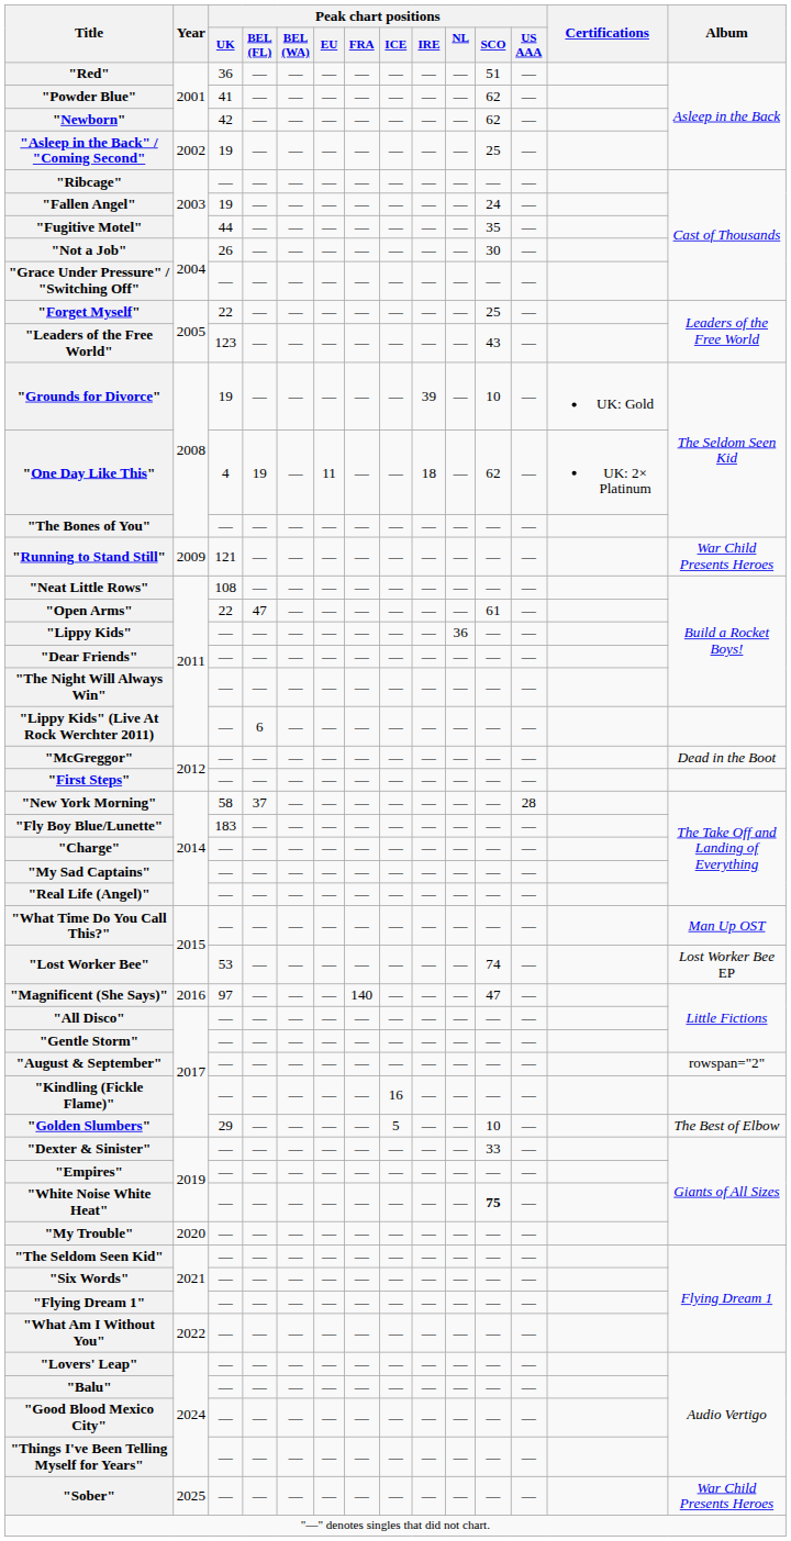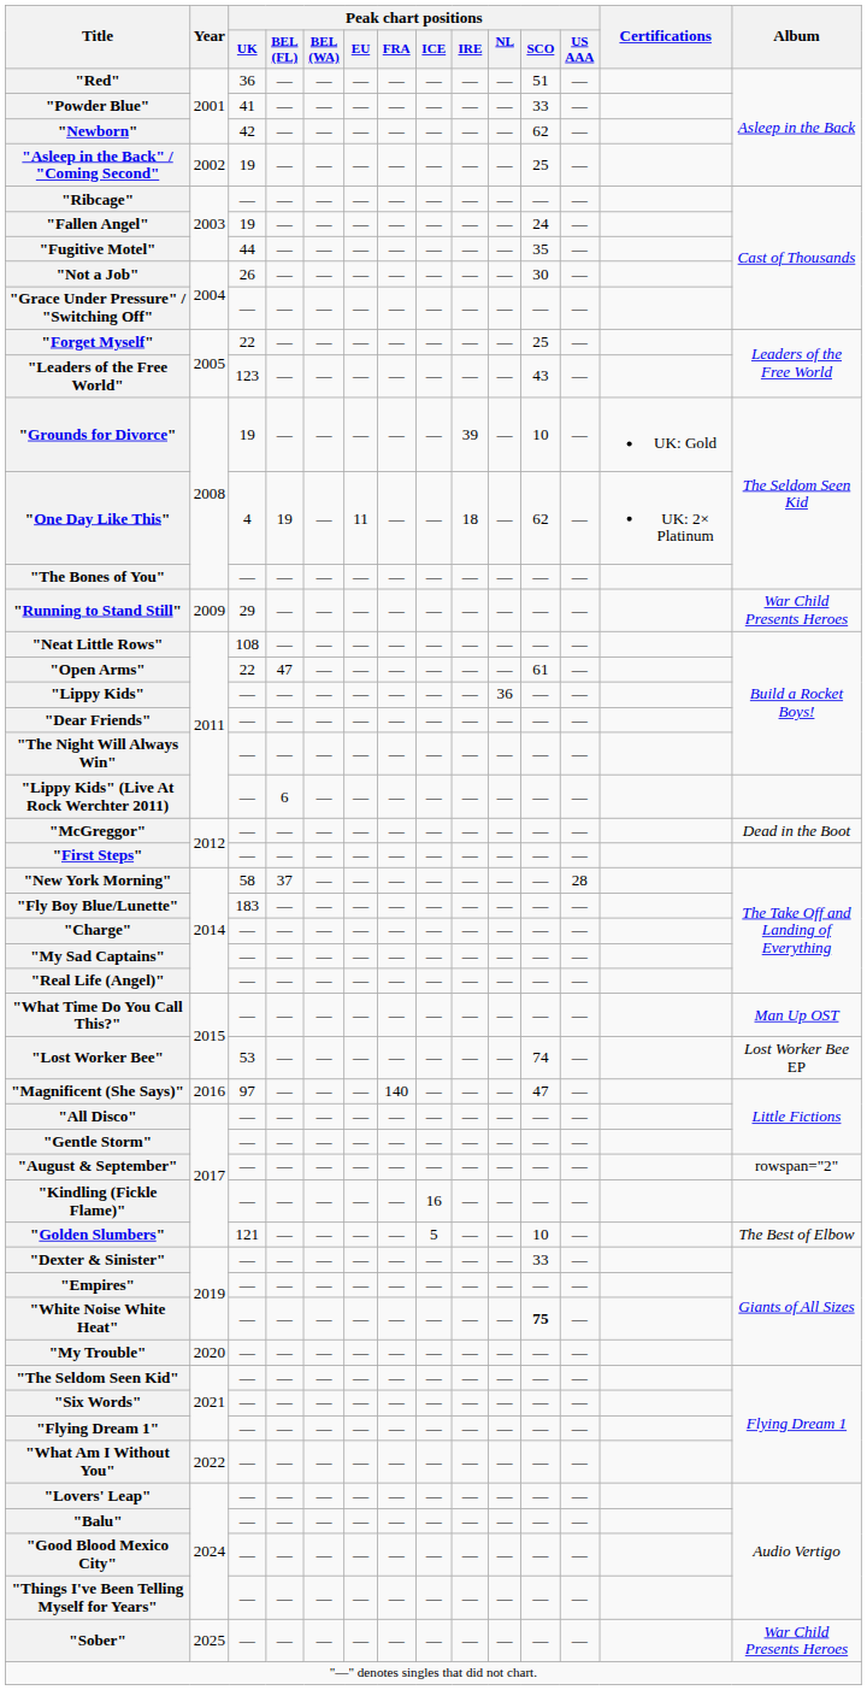 <table class="wikitable plainrowheaders" style="text-align:center;">
 <tr>
 <th scope="col" rowspan="2" style="width:20em;">Title</th>
 <th scope="col" rowspan="2">Year</th>
 <th scope="col" colspan="10">Peak chart positions</th>
 <th scope="col" rowspan="2" style="width:11em;"><a href='#'>Certifications</a></th>
 <th scope="col" rowspan="2" style="width:12em;">Album</th>
 </tr>
 <tr>
 <th scope="col" style="width:3em;font-size:85%;"><a href='#'>UK</a><br></th>
 <th scope="col" style="width:3em;font-size:85%;"><a href='#'>BEL<br>(FL)</a><br></th>
 <th scope="col" style="width:3em;font-size:85%;"><a href='#'>BEL<br>(WA)</a><br></th>
 <th scope="col" style="width:3em;font-size:85%;"><a href='#'>EU</a><br></th>
 <th scope="col" style="width:3em;font-size:85%;"><a href='#'>FRA</a><br></th>
 <th scope="col" style="width:3em;font-size:85%;"><a href='#'>ICE</a><br></th>
 <th scope="col" style="width:3em;font-size:85%;"><a href='#'>IRE</a><br></th>
 <th scope="col" style="width:3em;font-size:85%;"><a href='#'>NL</a><br><br></th>
 <th scope="col" style="width:3em;font-size:85%;"><a href='#'>SCO</a><br></th>
 <th scope="col" style="width:3em;font-size:85%;"><a href='#'>US<br>AAA</a><br></th>
 </tr>
 <tr>
 <th scope="row">"Red"</th>
 <td rowspan="3">2001</td>
 <td>36</td>
 <td>—</td>
 <td>—</td>
 <td>—</td>
 <td>—</td>
 <td>—</td>
 <td>—</td>
 <td>—</td>
 <td>51</td>
 <td>—</td>
 <td></td>
 <td rowspan="4"><em><a href='#'>Asleep in the Back</a></em></td>
 </tr>
 <tr>
 <th scope="row">"Powder Blue"</th>
 <td>41</td>
 <td>—</td>
 <td>—</td>
 <td>—</td>
 <td>—</td>
 <td>—</td>
 <td>—</td>
 <td>—</td>
-<td>62</td>
+<td>33</td>
 <td>—</td>
 <td></td>
 </tr>
 <tr>
 <th scope="row">"<a href='#'>Newborn</a>"</th>
 <td>42</td>
 <td>—</td>
 <td>—</td>
 <td>—</td>
 <td>—</td>
 <td>—</td>
 <td>—</td>
 <td>—</td>
 <td>62</td>
 <td>—</td>
 <td></td>
 </tr>
 <tr>
 <th scope="row"><a href='#'>"Asleep in the Back" / "Coming Second"</a></th>
 <td>2002</td>
 <td>19</td>
 <td>—</td>
 <td>—</td>
 <td>—</td>
 <td>—</td>
 <td>—</td>
 <td>—</td>
 <td>—</td>
 <td>25</td>
 <td>—</td>
 <td></td>
 </tr>
 <tr>
 <th scope="row">"Ribcage"</th>
 <td rowspan="3">2003</td>
 <td>—</td>
 <td>—</td>
 <td>—</td>
 <td>—</td>
 <td>—</td>
 <td>—</td>
 <td>—</td>
 <td>—</td>
 <td>—</td>
 <td>—</td>
 <td></td>
 <td rowspan="5"><em><a href='#'>Cast of Thousands</a></em></td>
 </tr>
 <tr>
 <th scope="row">"Fallen Angel"</th>
 <td>19</td>
 <td>—</td>
 <td>—</td>
 <td>—</td>
 <td>—</td>
 <td>—</td>
 <td>—</td>
 <td>—</td>
 <td>24</td>
 <td>—</td>
 <td></td>
 </tr>
 <tr>
 <th scope="row">"Fugitive Motel"</th>
 <td>44</td>
 <td>—</td>
 <td>—</td>
 <td>—</td>
 <td>—</td>
 <td>—</td>
 <td>—</td>
 <td>—</td>
 <td>35</td>
 <td>—</td>
 <td></td>
 </tr>
 <tr>
 <th scope="row">"Not a Job"</th>
 <td rowspan="2">2004</td>
 <td>26</td>
 <td>—</td>
 <td>—</td>
 <td>—</td>
 <td>—</td>
 <td>—</td>
 <td>—</td>
 <td>—</td>
 <td>30</td>
 <td>—</td>
 <td></td>
 </tr>
 <tr>
 <th scope="row">"Grace Under Pressure" / "Switching Off"</th>
 <td>—</td>
 <td>—</td>
 <td>—</td>
 <td>—</td>
 <td>—</td>
 <td>—</td>
 <td>—</td>
 <td>—</td>
 <td>—</td>
 <td>—</td>
 <td></td>
 </tr>
 <tr>
 <th scope="row">"<a href='#'>Forget Myself</a>"</th>
 <td rowspan="2">2005</td>
 <td>22</td>
 <td>—</td>
 <td>—</td>
 <td>—</td>
 <td>—</td>
 <td>—</td>
 <td>—</td>
 <td>—</td>
 <td>25</td>
 <td>—</td>
 <td></td>
 <td rowspan="2"><em><a href='#'>Leaders of the Free World</a></em></td>
 </tr>
 <tr>
 <th scope="row">"Leaders of the Free World"</th>
 <td>123</td>
 <td>—</td>
 <td>—</td>
 <td>—</td>
 <td>—</td>
 <td>—</td>
 <td>—</td>
 <td>—</td>
 <td>43</td>
 <td>—</td>
 <td></td>
 </tr>
 <tr>
 <th scope="row">"<a href='#'>Grounds for Divorce</a>"</th>
 <td rowspan="3">2008</td>
 <td>19</td>
 <td>—</td>
 <td>—</td>
 <td>—</td>
 <td>—</td>
 <td>—</td>
 <td>39</td>
 <td>—</td>
 <td>10</td>
 <td>—</td>
 <td><br><ul><li>UK: Gold</li></ul></td>
 <td rowspan="3"><em><a href='#'>The Seldom Seen Kid</a></em></td>
 </tr>
 <tr>
 <th scope="row">"<a href='#'>One Day Like This</a>"</th>
 <td>4</td>
 <td>19</td>
 <td>—</td>
 <td>11</td>
 <td>—</td>
 <td>—</td>
 <td>18</td>
 <td>—</td>
 <td>62</td>
 <td>—</td>
 <td><br><ul><li>UK: 2× Platinum</li></ul></td>
 </tr>
 <tr>
 <th scope="row">"The Bones of You"</th>
 <td>—</td>
 <td>—</td>
 <td>—</td>
 <td>—</td>
 <td>—</td>
 <td>—</td>
 <td>—</td>
 <td>—</td>
 <td>—</td>
 <td>—</td>
 <td></td>
 </tr>
 <tr>
 <th scope="row">"<a href='#'>Running to Stand Still</a>"</th>
 <td>2009</td>
-<td>121</td>
+<td>29</td>
 <td>—</td>
 <td>—</td>
 <td>—</td>
 <td>—</td>
 <td>—</td>
 <td>—</td>
 <td>—</td>
 <td>—</td>
 <td>—</td>
 <td></td>
 <td><em><a href='#'>War Child Presents Heroes</a></em></td>
 </tr>
 <tr>
 <th scope="row">"Neat Little Rows"</th>
 <td rowspan="6">2011</td>
 <td>108</td>
 <td>—</td>
 <td>—</td>
 <td>—</td>
 <td>—</td>
 <td>—</td>
 <td>—</td>
 <td>—</td>
 <td>—</td>
 <td>—</td>
 <td></td>
 <td rowspan="5"><em><a href='#'>Build a Rocket Boys!</a></em></td>
 </tr>
 <tr>
 <th scope="row">"Open Arms"</th>
 <td>22</td>
 <td>47</td>
 <td>—</td>
 <td>—</td>
 <td>—</td>
 <td>—</td>
 <td>—</td>
 <td>—</td>
 <td>61</td>
 <td>—</td>
 <td></td>
 </tr>
 <tr>
 <th scope="row">"Lippy Kids"</th>
 <td>—</td>
 <td>—</td>
 <td>—</td>
 <td>—</td>
 <td>—</td>
 <td>—</td>
 <td>—</td>
 <td>36</td>
 <td>—</td>
 <td>—</td>
 <td></td>
 </tr>
 <tr>
 <th scope="row">"Dear Friends"</th>
 <td>—</td>
 <td>—</td>
 <td>—</td>
 <td>—</td>
 <td>—</td>
 <td>—</td>
 <td>—</td>
 <td>—</td>
 <td>—</td>
 <td>—</td>
 <td></td>
 </tr>
 <tr>
 <th scope="row">"The Night Will Always Win"</th>
 <td>—</td>
 <td>—</td>
 <td>—</td>
 <td>—</td>
 <td>—</td>
 <td>—</td>
 <td>—</td>
 <td>—</td>
 <td>—</td>
 <td>—</td>
 <td></td>
 </tr>
 <tr>
 <th scope="row">"Lippy Kids" (Live At Rock Werchter 2011)</th>
 <td>—</td>
 <td>6</td>
 <td>—</td>
 <td>—</td>
 <td>—</td>
 <td>—</td>
 <td>—</td>
 <td>—</td>
 <td>—</td>
 <td>—</td>
 <td></td>
 <td></td>
 </tr>
 <tr>
 <th scope="row">"McGreggor"</th>
 <td rowspan="2">2012</td>
 <td>—</td>
 <td>—</td>
 <td>—</td>
 <td>—</td>
 <td>—</td>
 <td>—</td>
 <td>—</td>
 <td>—</td>
 <td>—</td>
 <td>—</td>
 <td></td>
 <td><em>Dead in the Boot</em></td>
 </tr>
 <tr>
 <th scope="row">"<a href='#'>First Steps</a>"</th>
 <td>—</td>
 <td>—</td>
 <td>—</td>
 <td>—</td>
 <td>—</td>
 <td>—</td>
 <td>—</td>
 <td>—</td>
 <td>—</td>
 <td>—</td>
 <td></td>
 <td></td>
 </tr>
 <tr>
 <th scope="row">"New York Morning"</th>
 <td rowspan="5">2014</td>
 <td>58</td>
 <td>37</td>
 <td>—</td>
 <td>—</td>
 <td>—</td>
 <td>—</td>
 <td>—</td>
 <td>—</td>
 <td>—</td>
 <td>28</td>
 <td></td>
 <td rowspan="5"><em><a href='#'>The Take Off and Landing of Everything</a></em></td>
 </tr>
 <tr>
 <th scope="row">"Fly Boy Blue/Lunette"</th>
 <td>183</td>
 <td>—</td>
 <td>—</td>
 <td>—</td>
 <td>—</td>
 <td>—</td>
 <td>—</td>
 <td>—</td>
 <td>—</td>
 <td>—</td>
 <td></td>
 </tr>
 <tr>
 <th scope="row">"Charge"</th>
 <td>—</td>
 <td>—</td>
 <td>—</td>
 <td>—</td>
 <td>—</td>
 <td>—</td>
 <td>—</td>
 <td>—</td>
 <td>—</td>
 <td>—</td>
 <td></td>
 </tr>
 <tr>
 <th scope="row">"My Sad Captains"</th>
 <td>—</td>
 <td>—</td>
 <td>—</td>
 <td>—</td>
 <td>—</td>
 <td>—</td>
 <td>—</td>
 <td>—</td>
 <td>—</td>
 <td>—</td>
 <td></td>
 </tr>
 <tr>
 <th scope="row">"Real Life (Angel)"</th>
 <td>—</td>
 <td>—</td>
 <td>—</td>
 <td>—</td>
 <td>—</td>
 <td>—</td>
 <td>—</td>
 <td>—</td>
 <td>—</td>
 <td>—</td>
 <td></td>
 </tr>
 <tr>
 <th scope="row">"What Time Do You Call This?"</th>
 <td rowspan="2">2015</td>
 <td>—</td>
 <td>—</td>
 <td>—</td>
 <td>—</td>
 <td>—</td>
 <td>—</td>
 <td>—</td>
 <td>—</td>
 <td>—</td>
 <td>—</td>
 <td></td>
 <td><em><a href='#'>Man Up OST</a></em></td>
 </tr>
 <tr>
 <th scope="row">"Lost Worker Bee"</th>
 <td>53</td>
 <td>—</td>
 <td>—</td>
 <td>—</td>
 <td>—</td>
 <td>—</td>
 <td>—</td>
 <td>—</td>
 <td>74</td>
 <td>—</td>
 <td></td>
 <td><em>Lost Worker Bee</em> EP</td>
 </tr>
 <tr>
 <th scope="row">"Magnificent (She Says)"</th>
 <td>2016</td>
 <td>97</td>
 <td>—</td>
 <td>—</td>
 <td>—</td>
 <td>140</td>
 <td>—</td>
 <td>—</td>
 <td>—</td>
 <td>47</td>
 <td>—</td>
 <td></td>
 <td rowspan="3"><em><a href='#'>Little Fictions</a></em></td>
 </tr>
 <tr>
 <th scope="row">"All Disco"</th>
 <td rowspan="5">2017</td>
 <td>—</td>
 <td>—</td>
 <td>—</td>
 <td>—</td>
 <td>—</td>
 <td>—</td>
 <td>—</td>
 <td>—</td>
 <td>—</td>
 <td>—</td>
 <td></td>
 </tr>
 <tr>
 <th scope="row">"Gentle Storm"</th>
 <td>—</td>
 <td>—</td>
 <td>—</td>
 <td>—</td>
 <td>—</td>
 <td>—</td>
 <td>—</td>
 <td>—</td>
 <td>—</td>
 <td>—</td>
 <td></td>
 </tr>
 <tr>
 <th scope="row">"August & September"</th>
 <td>—</td>
 <td>—</td>
 <td>—</td>
 <td>—</td>
 <td>—</td>
 <td>—</td>
 <td>—</td>
 <td>—</td>
 <td>—</td>
 <td>—</td>
 <td></td>
 <td>rowspan="2" </td>
 </tr>
 <tr>
 <th scope="row">"Kindling (Fickle Flame)"</th>
 <td>—</td>
 <td>—</td>
 <td>—</td>
 <td>—</td>
 <td>—</td>
 <td>16</td>
 <td>—</td>
 <td>—</td>
 <td>—</td>
 <td>—</td>
 <td></td>
 </tr>
 <tr>
 <th scope="row">"<a href='#'>Golden Slumbers</a>"</th>
-<td>29</td>
+<td>121</td>
 <td>—</td>
 <td>—</td>
 <td>—</td>
 <td>—</td>
 <td>5</td>
 <td>—</td>
 <td>—</td>
 <td>10</td>
 <td>—</td>
 <td></td>
 <td><em>The Best of Elbow</em></td>
 </tr>
 <tr>
 <th scope="row">"Dexter & Sinister"</th>
 <td rowspan="3">2019</td>
 <td>—</td>
 <td>—</td>
 <td>—</td>
 <td>—</td>
 <td>—</td>
 <td>—</td>
 <td>—</td>
 <td>—</td>
 <td>33</td>
 <td>—</td>
 <td></td>
 <td rowspan="4"><em><a href='#'>Giants of All Sizes</a></em></td>
 </tr>
 <tr>
 <th scope="row">"Empires"</th>
 <td>—</td>
 <td>—</td>
 <td>—</td>
 <td>—</td>
 <td>—</td>
 <td>—</td>
 <td>—</td>
 <td>—</td>
 <td>—</td>
 <td>—</td>
 <td></td>
 </tr>
 <tr>
 <th scope="row">"White Noise White Heat"</th>
 <td>—</td>
 <td>—</td>
 <td>—</td>
 <td>—</td>
 <td>—</td>
 <td>—</td>
 <td>—</td>
 <td>—</td>
 <td><strong>75</strong></td>
 <td>—</td>
 <td></td>
 </tr>
 <tr>
 <th scope="row">"My Trouble"</th>
 <td>2020</td>
 <td>—</td>
 <td>—</td>
 <td>—</td>
 <td>—</td>
 <td>—</td>
 <td>—</td>
 <td>—</td>
 <td>—</td>
 <td>—</td>
 <td>—</td>
 <td></td>
 </tr>
 <tr>
 <th scope="row">"The Seldom Seen Kid"</th>
 <td rowspan="3">2021</td>
 <td>—</td>
 <td>—</td>
 <td>—</td>
 <td>—</td>
 <td>—</td>
 <td>—</td>
 <td>—</td>
 <td>—</td>
 <td>—</td>
 <td>—</td>
 <td></td>
 <td rowspan="4"><em><a href='#'>Flying Dream 1</a></em></td>
 </tr>
 <tr>
 <th scope="row">"Six Words"</th>
 <td>—</td>
 <td>—</td>
 <td>—</td>
 <td>—</td>
 <td>—</td>
 <td>—</td>
 <td>—</td>
 <td>—</td>
 <td>—</td>
 <td>—</td>
 <td></td>
 </tr>
 <tr>
 <th scope="row">"Flying Dream 1"</th>
 <td>—</td>
 <td>—</td>
 <td>—</td>
 <td>—</td>
 <td>—</td>
 <td>—</td>
 <td>—</td>
 <td>—</td>
 <td>—</td>
 <td>—</td>
 </tr>
 <tr>
 <th scope="row">"What Am I Without You"</th>
 <td>2022</td>
 <td>—</td>
 <td>—</td>
 <td>—</td>
 <td>—</td>
 <td>—</td>
 <td>—</td>
 <td>—</td>
 <td>—</td>
 <td>—</td>
 <td>—</td>
 <td></td>
 </tr>
 <tr>
 <th scope="row">"Lovers' Leap"</th>
 <td rowspan="4">2024</td>
 <td>—</td>
 <td>—</td>
 <td>—</td>
 <td>—</td>
 <td>—</td>
 <td>—</td>
 <td>—</td>
 <td>—</td>
 <td>—</td>
 <td>—</td>
 <td></td>
 <td rowspan="4"><em>Audio Vertigo</em></td>
 </tr>
 <tr>
 <th scope="row">"Balu"</th>
 <td>—</td>
 <td>—</td>
 <td>—</td>
 <td>—</td>
 <td>—</td>
 <td>—</td>
 <td>—</td>
 <td>—</td>
 <td>—</td>
 <td>—</td>
 <td></td>
 </tr>
 <tr>
 <th scope="row">"Good Blood Mexico City"</th>
 <td>—</td>
 <td>—</td>
 <td>—</td>
 <td>—</td>
 <td>—</td>
 <td>—</td>
 <td>—</td>
 <td>—</td>
 <td>—</td>
 <td>—</td>
 <td></td>
 </tr>
 <tr>
 <th scope="row">"Things I've Been Telling Myself for Years"</th>
 <td>—</td>
 <td>—</td>
 <td>—</td>
 <td>—</td>
 <td>—</td>
 <td>—</td>
 <td>—</td>
 <td>—</td>
 <td>—</td>
 <td>—</td>
 <td></td>
 </tr>
 <tr>
 <th scope="row">"Sober"</th>
 <td>2025</td>
 <td>—</td>
 <td>—</td>
 <td>—</td>
 <td>—</td>
 <td>—</td>
 <td>—</td>
 <td>—</td>
 <td>—</td>
 <td>—</td>
 <td>—</td>
 <td></td>
 <td><em><a href='#'>War Child Presents Heroes</a></em></td>
 </tr>
 <tr>
 <td colspan="14" style="text-align:center; font-size:85%;">"—" denotes singles that did not chart.</td>
 </tr>
 </table>
